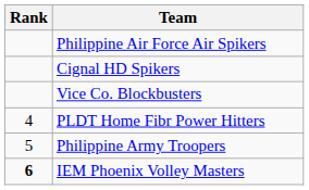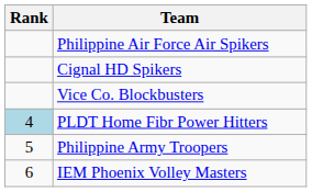 <table class="wikitable" style="text-align: center;">
 <tr>
 <th width=40>Rank</th>
 <th width=240>Team</th>
 </tr>
 <tr>
 <td></td>
 <td align="left"><a href='#'>Philippine Air Force Air Spikers</a></td>
 </tr>
 <tr>
 <td></td>
 <td align="left"><a href='#'>Cignal HD Spikers</a></td>
 </tr>
 <tr>
 <td></td>
 <td align="left"><a href='#'>Vice Co. Blockbusters</a></td>
 </tr>
 <tr>
-<td>4</td>
+<td style="background: lightblue;">4</td>
 <td align="left"><a href='#'>PLDT Home Fibr Power Hitters</a></td>
 </tr>
 <tr>
 <td>5</td>
 <td align="left"><a href='#'>Philippine Army Troopers</a></td>
 </tr>
 <tr>
-<td><strong>6</strong></td>
+<td>6</td>
 <td align="left"><a href='#'>IEM Phoenix Volley Masters</a></td>
 </tr>
 </table>
